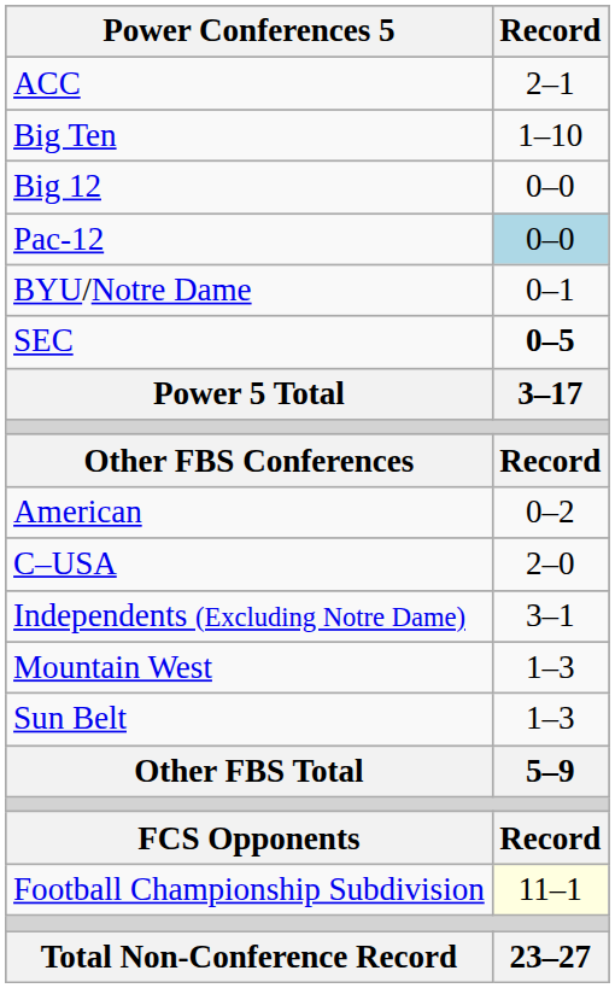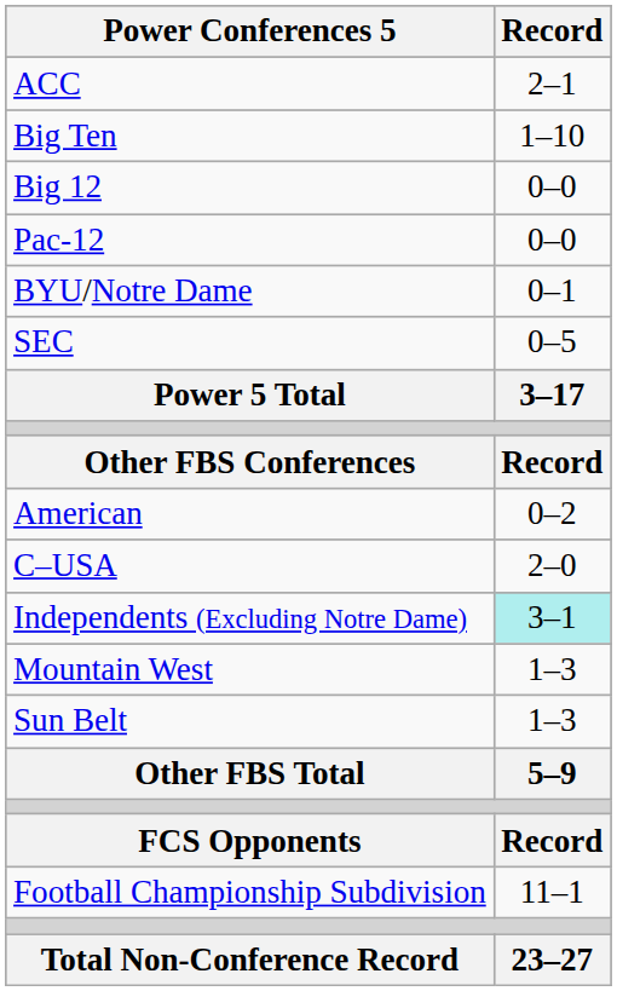 <table class="wikitable">
 <tr>
 <th>Power Conferences 5</th>
 <th>Record</th>
 </tr>
 <tr>
 <td><a href='#'>ACC</a></td>
 <td align=center>2–1</td>
 </tr>
 <tr>
 <td><a href='#'>Big Ten</a></td>
 <td align=center>1–10</td>
 </tr>
 <tr>
 <td><a href='#'>Big 12</a></td>
 <td align=center>0–0</td>
 </tr>
 <tr>
 <td><a href='#'>Pac-12</a></td>
-<td align=center style="background: lightblue;">0–0</td>
+<td align=center>0–0</td>
 </tr>
 <tr>
 <td><a href='#'>BYU</a>/<a href='#'>Notre Dame</a></td>
 <td align=center>0–1</td>
 </tr>
 <tr>
 <td><a href='#'>SEC</a></td>
-<td align=center><strong>0–5</strong></td>
+<td align=center>0–5</td>
 </tr>
 <tr>
 <th>Power 5 Total</th>
 <th>3–17</th>
 </tr>
 <tr>
 <th colspan="2" style="background:lightgrey;"></th>
 </tr>
 <tr>
 <th>Other FBS Conferences</th>
 <th>Record</th>
 </tr>
 <tr>
 <td><a href='#'>American</a></td>
 <td align=center>0–2</td>
 </tr>
 <tr>
 <td><a href='#'>C–USA</a></td>
 <td align=center>2–0</td>
 </tr>
 <tr>
 <td><a href='#'>Independents <small>(Excluding Notre Dame)</small></a></td>
-<td align=center>3–1</td>
+<td align=center style="background: paleturquoise;">3–1</td>
 </tr>
 <tr>
 <td><a href='#'>Mountain West</a></td>
 <td align=center>1–3</td>
 </tr>
 <tr>
 <td><a href='#'>Sun Belt</a></td>
 <td align=center>1–3</td>
 </tr>
 <tr>
 <th>Other FBS Total</th>
 <th>5–9</th>
 </tr>
 <tr>
 <th colspan="2" style="background:lightgrey;"></th>
 </tr>
 <tr>
 <th>FCS Opponents</th>
 <th>Record</th>
 </tr>
 <tr>
 <td><a href='#'>Football Championship Subdivision</a></td>
-<td align=center style="background: lightyellow;">11–1</td>
+<td align=center>11–1</td>
 </tr>
 <tr>
 <th colspan="2" style="background:lightgrey;"></th>
 </tr>
 <tr>
 <th>Total Non-Conference Record</th>
 <th>23–27</th>
 </tr>
 </table>
